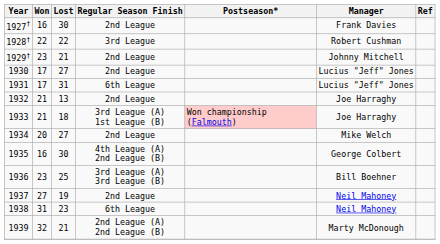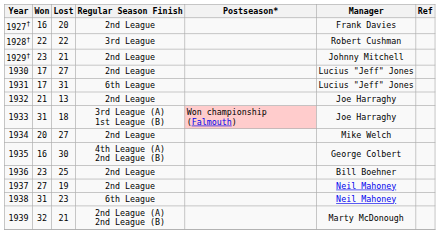 <table class="wikitable" style="text-align:center">
 <tr>
 <th>Year</th>
 <th>Won</th>
 <th>Lost</th>
 <th>Regular Season Finish</th>
 <th scope="col" style="width: 200px; ">Postseason*</th>
 <th>Manager</th>
 <th>Ref</th>
 </tr>
 <tr>
 <td>1927<sup>†</sup></td>
 <td>16</td>
-<td>30</td>
+<td>20</td>
 <td>2nd League</td>
 <td></td>
 <td>Frank Davies</td>
 <td></td>
 </tr>
 <tr>
 <td>1928<sup>†</sup></td>
 <td>22</td>
 <td>22</td>
 <td>3rd League</td>
 <td></td>
 <td>Robert Cushman</td>
 <td></td>
 </tr>
 <tr>
 <td>1929<sup>†</sup></td>
 <td>23</td>
 <td>21</td>
 <td>2nd League</td>
 <td></td>
 <td>Johnny Mitchell</td>
 <td></td>
 </tr>
 <tr>
 <td>1930</td>
 <td>17</td>
 <td>27</td>
 <td>2nd League</td>
 <td></td>
 <td>Lucius "Jeff" Jones</td>
 <td></td>
 </tr>
 <tr>
 <td>1931</td>
 <td>17</td>
 <td>31</td>
 <td>6th League</td>
 <td></td>
 <td>Lucius "Jeff" Jones</td>
 <td></td>
 </tr>
 <tr>
 <td>1932</td>
 <td>21</td>
 <td>13</td>
 <td>2nd League</td>
 <td></td>
 <td>Joe Harraghy</td>
 <td></td>
 </tr>
 <tr>
 <td>1933</td>
-<td>21</td>
+<td>31</td>
 <td>18</td>
 <td>3rd League (A)<br>1st League (B)</td>
 <td style="text-align:left" bgcolor=#ffcccc>Won championship (<a href='#'>Falmouth</a>)</td>
 <td>Joe Harraghy</td>
 <td><br></td>
 </tr>
 <tr>
 <td>1934</td>
 <td>20</td>
 <td>27</td>
 <td>2nd League</td>
 <td></td>
 <td>Mike Welch</td>
 <td></td>
 </tr>
 <tr>
 <td>1935</td>
 <td>16</td>
 <td>30</td>
 <td>4th League (A)<br>2nd League (B)</td>
 <td></td>
 <td>George Colbert</td>
 <td><br></td>
 </tr>
 <tr>
 <td>1936</td>
 <td>23</td>
 <td>25</td>
-<td>3rd League (A)<br>3rd League (B)</td>
+<td>2nd League</td>
 <td></td>
 <td>Bill Boehner</td>
 <td></td>
 </tr>
 <tr>
 <td>1937</td>
 <td>27</td>
 <td>19</td>
 <td>2nd League</td>
 <td></td>
 <td><a href='#'>Neil Mahoney</a></td>
 <td></td>
 </tr>
 <tr>
 <td>1938</td>
 <td>31</td>
 <td>23</td>
 <td>6th League</td>
 <td></td>
 <td><a href='#'>Neil Mahoney</a></td>
 <td></td>
 </tr>
 <tr>
 <td>1939</td>
 <td>32</td>
 <td>21</td>
 <td>2nd League (A)<br>2nd League (B)</td>
 <td></td>
 <td>Marty McDonough</td>
 <td></td>
 </tr>
 <tr>
 </tr>
 </table>
